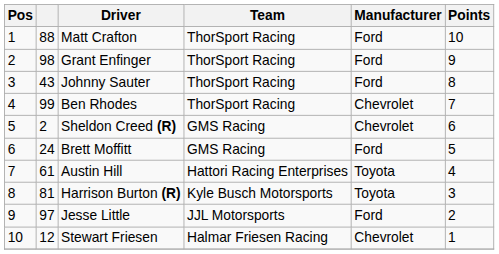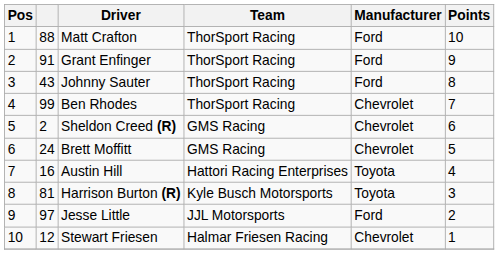 <table class="wikitable" style="font-size:98%">
 <tr>
 <th>Pos</th>
 <th></th>
 <th>Driver</th>
 <th>Team</th>
 <th>Manufacturer</th>
 <th>Points</th>
 </tr>
 <tr>
 <td>1</td>
 <td>88</td>
 <td>Matt Crafton</td>
 <td>ThorSport Racing</td>
 <td>Ford</td>
 <td>10</td>
 </tr>
 <tr>
 <td>2</td>
-<td>98</td>
+<td>91</td>
 <td>Grant Enfinger</td>
 <td>ThorSport Racing</td>
 <td>Ford</td>
 <td>9</td>
 </tr>
 <tr>
 <td>3</td>
 <td>43</td>
 <td>Johnny Sauter</td>
 <td>ThorSport Racing</td>
 <td>Ford</td>
 <td>8</td>
 </tr>
 <tr>
 <td>4</td>
 <td>99</td>
 <td>Ben Rhodes</td>
 <td>ThorSport Racing</td>
 <td>Chevrolet</td>
 <td>7</td>
 </tr>
 <tr>
 <td>5</td>
 <td>2</td>
 <td>Sheldon Creed <strong>(R)</strong></td>
 <td>GMS Racing</td>
 <td>Chevrolet</td>
 <td>6</td>
 </tr>
 <tr>
 <td>6</td>
 <td>24</td>
 <td>Brett Moffitt</td>
 <td>GMS Racing</td>
-<td>Ford</td>
+<td>Chevrolet</td>
 <td>5</td>
 </tr>
 <tr>
 <td>7</td>
-<td>61</td>
+<td>16</td>
 <td>Austin Hill</td>
 <td>Hattori Racing Enterprises</td>
 <td>Toyota</td>
 <td>4</td>
 </tr>
 <tr>
 <td>8</td>
 <td>81</td>
 <td>Harrison Burton <strong>(R)</strong></td>
 <td>Kyle Busch Motorsports</td>
 <td>Toyota</td>
 <td>3</td>
 </tr>
 <tr>
 <td>9</td>
 <td>97</td>
 <td>Jesse Little</td>
 <td>JJL Motorsports</td>
 <td>Ford</td>
 <td>2</td>
 </tr>
 <tr>
 <td>10</td>
 <td>12</td>
 <td>Stewart Friesen</td>
 <td>Halmar Friesen Racing</td>
 <td>Chevrolet</td>
 <td>1</td>
 </tr>
 <tr>
 </tr>
 </table>
